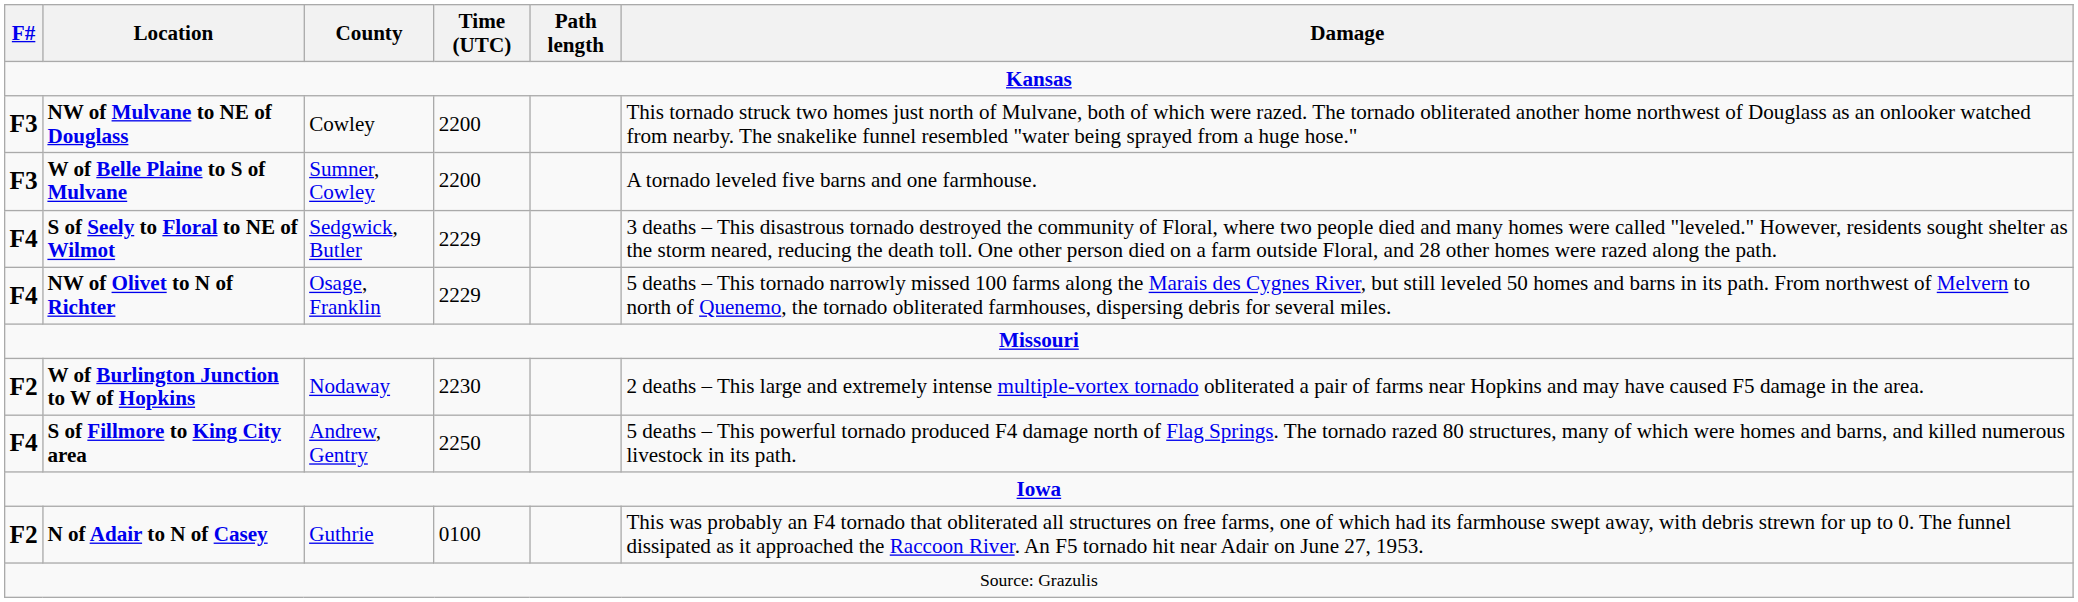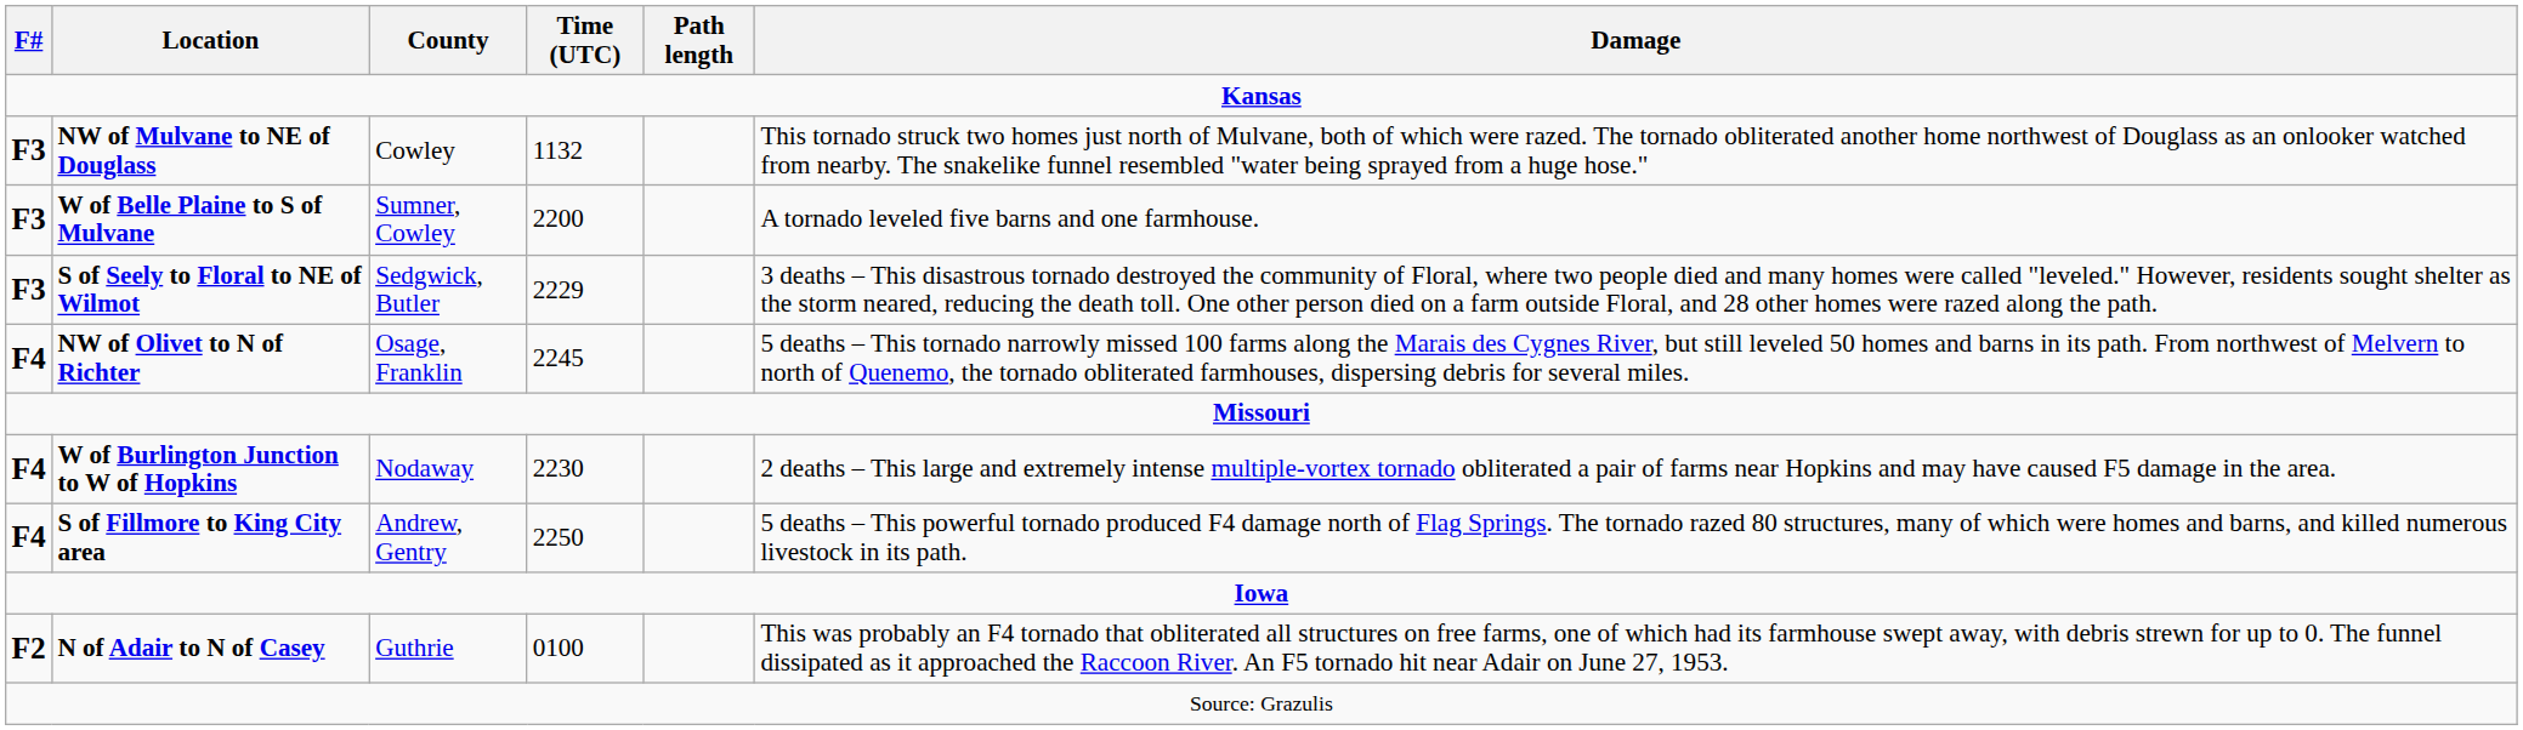 <table class="wikitable">
 <tr>
 <th><strong><a href='#'>F#</a></strong></th>
 <th><strong>Location</strong></th>
 <th><strong>County</strong></th>
 <th><strong>Time (UTC)</strong></th>
 <th><strong>Path length</strong></th>
 <th><strong>Damage</strong></th>
 </tr>
 <tr>
 <td colspan="7" align=center><strong><a href='#'>Kansas</a></strong></td>
 </tr>
 <tr>
 <td><big><strong>F3</strong></big></td>
 <td><strong>NW of <a href='#'>Mulvane</a> to NE of <a href='#'>Douglass</a></strong></td>
 <td>Cowley</td>
-<td>2200</td>
+<td>1132</td>
 <td></td>
 <td>This tornado struck two homes just north of Mulvane, both of which were razed. The tornado obliterated another home northwest of Douglass as an onlooker watched from nearby. The snakelike funnel resembled "water being sprayed from a huge hose."</td>
 </tr>
 <tr>
 <td><big><strong>F3</strong></big></td>
 <td><strong>W of <a href='#'>Belle Plaine</a> to S of <a href='#'>Mulvane</a></strong></td>
 <td><a href='#'>Sumner</a>, <a href='#'>Cowley</a></td>
 <td>2200</td>
 <td></td>
 <td>A tornado leveled five barns and one farmhouse.</td>
 </tr>
 <tr>
-<td><big><strong>F4</strong></big></td>
+<td><big><strong>F3</strong></big></td>
 <td><strong>S of <a href='#'>Seely</a> to <a href='#'>Floral</a> to NE of <a href='#'>Wilmot</a></strong></td>
 <td><a href='#'>Sedgwick</a>, <a href='#'>Butler</a></td>
 <td>2229</td>
 <td></td>
 <td>3 deaths – This disastrous tornado destroyed the community of Floral, where two people died and many homes were called "leveled." However, residents sought shelter as the storm neared, reducing the death toll. One other person died on a farm outside Floral, and 28 other homes were razed along the path.</td>
 </tr>
 <tr>
 <td><big><strong>F4</strong></big></td>
 <td><strong>NW of <a href='#'>Olivet</a> to N of <a href='#'>Richter</a></strong></td>
 <td><a href='#'>Osage</a>, <a href='#'>Franklin</a></td>
-<td>2229</td>
+<td>2245</td>
 <td></td>
 <td>5 deaths – This tornado narrowly missed 100 farms along the <a href='#'>Marais des Cygnes River</a>, but still leveled 50 homes and barns in its path. From northwest of <a href='#'>Melvern</a> to north of <a href='#'>Quenemo</a>, the tornado obliterated farmhouses, dispersing debris for several miles.</td>
 </tr>
 <tr>
 <td colspan="7" align=center><strong><a href='#'>Missouri</a></strong></td>
 </tr>
 <tr>
-<td><big><strong>F2</strong></big></td>
+<td><big><strong>F4</strong></big></td>
 <td><strong>W of <a href='#'>Burlington Junction</a> to W of <a href='#'>Hopkins</a></strong></td>
 <td><a href='#'>Nodaway</a></td>
 <td>2230</td>
 <td></td>
 <td>2 deaths – This large and extremely intense <a href='#'>multiple-vortex tornado</a> obliterated a pair of farms near Hopkins and may have caused F5 damage in the area.</td>
 </tr>
 <tr>
 <td><big><strong>F4</strong></big></td>
 <td><strong>S of <a href='#'>Fillmore</a> to <a href='#'>King City</a> area</strong></td>
 <td><a href='#'>Andrew</a>, <a href='#'>Gentry</a></td>
 <td>2250</td>
 <td></td>
 <td>5 deaths – This powerful tornado produced F4 damage north of <a href='#'>Flag Springs</a>. The tornado razed 80 structures, many of which were homes and barns, and killed numerous livestock in its path.</td>
 </tr>
 <tr>
 <td colspan="7" align=center><strong><a href='#'>Iowa</a></strong></td>
 </tr>
 <tr>
 <td><big><strong>F2</strong></big></td>
 <td><strong>N of <a href='#'>Adair</a> to N of <a href='#'>Casey</a></strong></td>
 <td><a href='#'>Guthrie</a></td>
 <td>0100</td>
 <td></td>
 <td>This was probably an F4 tornado that obliterated all structures on free farms, one of which had its farmhouse swept away, with debris strewn for up to 0. The funnel dissipated as it approached the <a href='#'>Raccoon River</a>. An F5 tornado hit near Adair on June 27, 1953.</td>
 </tr>
 <tr>
 <td colspan="7" align=center><small>Source: Grazulis</small></td>
 </tr>
 </table>
